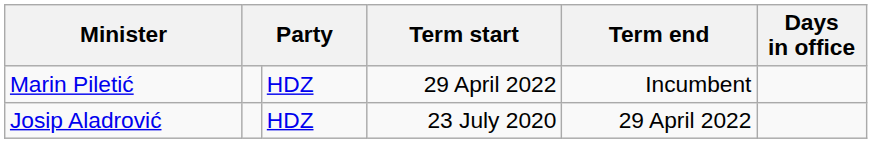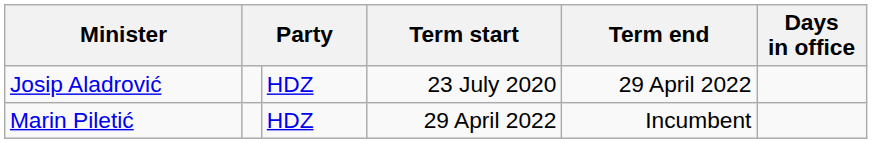 <table class="wikitable" style="text-align: left;">
 <tr>
 <th width="160">Minister</th>
 <th colspan=2 width="80">Party</th>
 <th width="130">Term start</th>
 <th width="130">Term end</th>
 <th width=70>Days<br> in office</th>
 </tr>
 <tr>
+<td><a href='#'>Josip Aladrović</a></td>
+<td style="background-color: "></td>
+<td><a href='#'>HDZ</a></td>
+<td align=right>23 July 2020</td>
+<td align=right>29 April 2022</td>
+<td align=right></td>
+</tr>
+<tr>
 <td><a href='#'>Marin Piletić</a></td>
 <td style="background-color: "></td>
 <td><a href='#'>HDZ</a></td>
 <td align=right>29 April 2022</td>
 <td align=right>Incumbent</td>
 <td align=right></td>
 </tr>
-<tr>
-<td><a href='#'>Josip Aladrović</a></td>
-<td style="background-color: "></td>
-<td><a href='#'>HDZ</a></td>
-<td align=right>23 July 2020</td>
-<td align=right>29 April 2022</td>
-<td align=right></td>
-</tr>
 </table>
